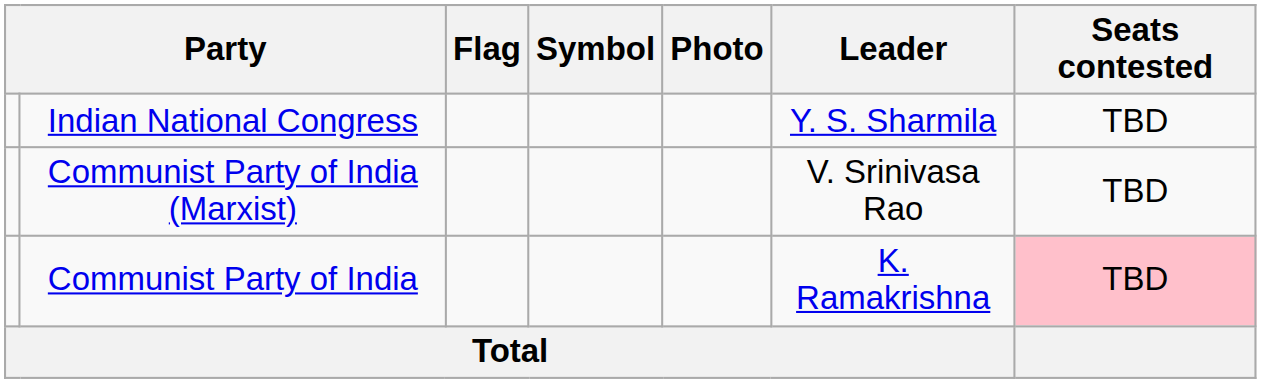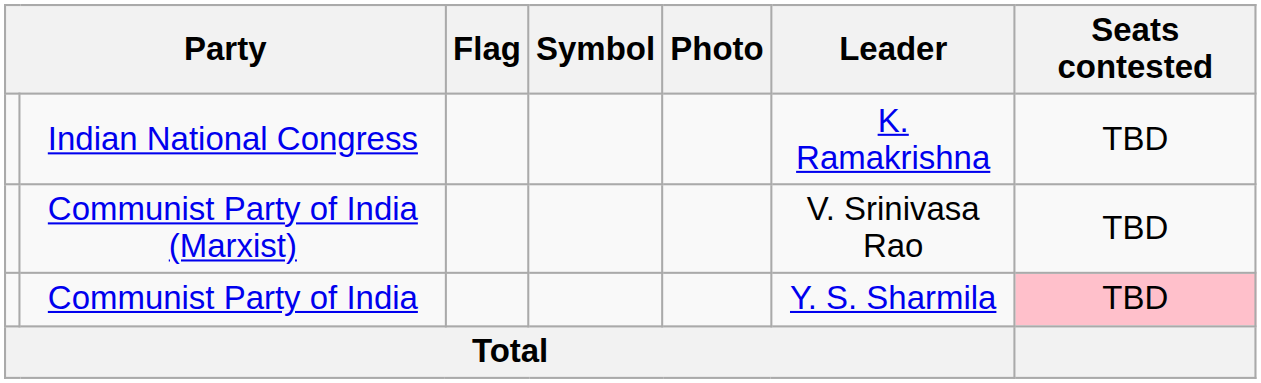 <table class="wikitable" style="text-align:center;">
 <tr>
 <th colspan="2">Party</th>
 <th>Flag</th>
 <th>Symbol</th>
 <th>Photo</th>
 <th>Leader</th>
 <th>Seats contested</th>
 </tr>
 <tr>
 <td></td>
 <td><a href='#'>Indian National Congress</a></td>
 <td></td>
 <td></td>
 <td></td>
-<td><a href='#'>Y. S. Sharmila</a></td>
+<td><a href='#'>K. Ramakrishna</a></td>
 <td>TBD</td>
 </tr>
 <tr>
 <td></td>
 <td><a href='#'>Communist Party of India (Marxist)</a></td>
 <td></td>
 <td></td>
 <td></td>
 <td>V. Srinivasa Rao</td>
 <td>TBD</td>
 </tr>
 <tr>
 <td></td>
 <td><a href='#'>Communist Party of India</a></td>
 <td></td>
 <td></td>
 <td></td>
-<td><a href='#'>K. Ramakrishna</a></td>
+<td><a href='#'>Y. S. Sharmila</a></td>
 <td style="background: pink;">TBD</td>
 </tr>
 <tr>
 <th colspan="6">Total</th>
 <th></th>
 </tr>
 </table>
